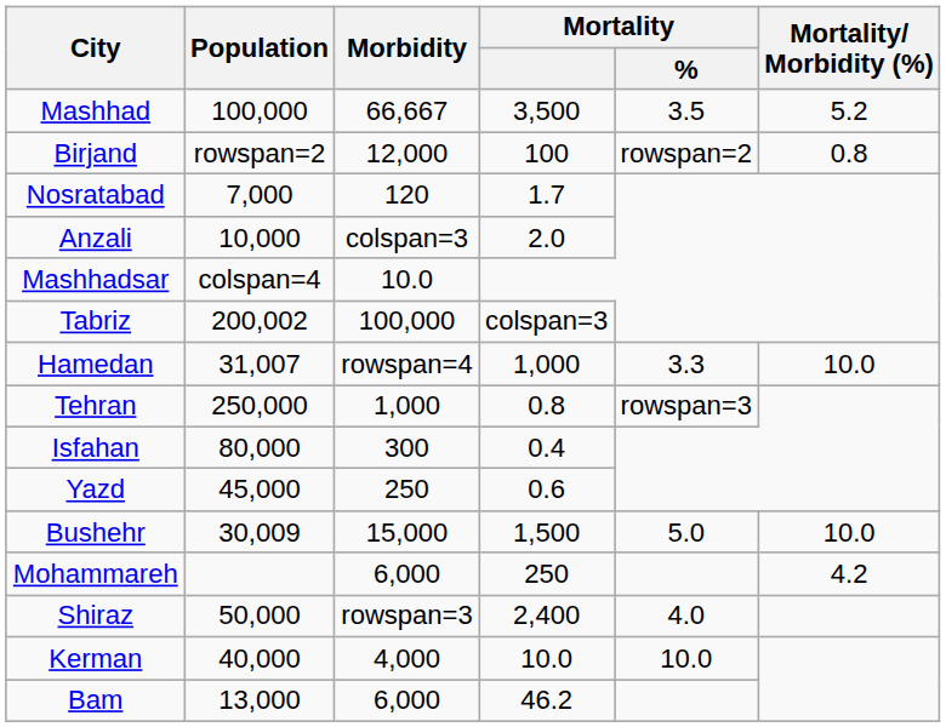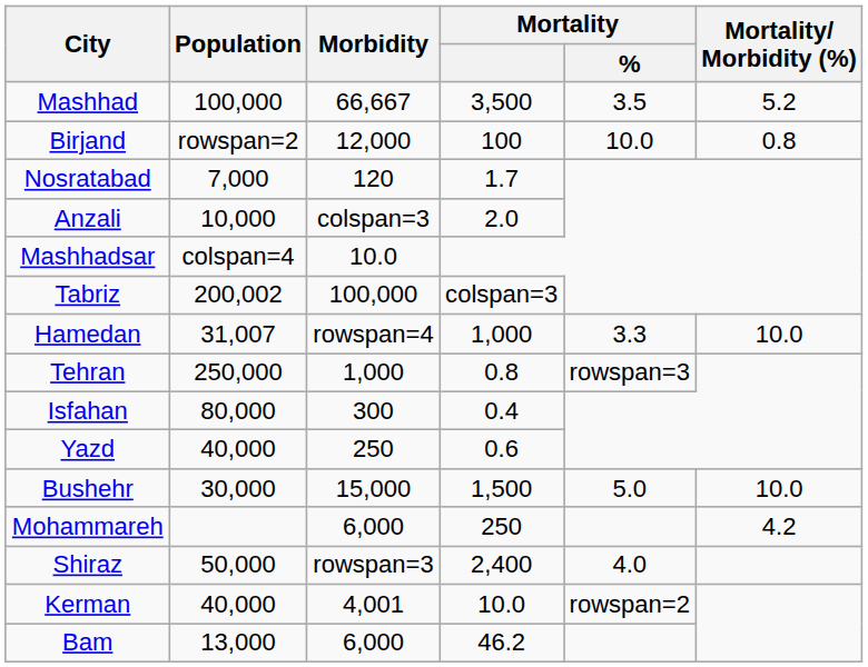 <table style="text-align:center; float:right; font-size:85%; margin-left:2em;" class="wikitable">
 <tr>
 <th rowspan=2>City</th>
 <th rowspan=2>Population<br></th>
 <th rowspan=2>Morbidity</th>
 <th colspan=2>Mortality</th>
 <th rowspan=2>Mortality/<br>Morbidity (%)</th>
 </tr>
 <tr>
 <th></th>
 <th>%</th>
 </tr>
 <tr>
 <td><a href='#'>Mashhad</a></td>
 <td>100,000</td>
 <td>66,667</td>
 <td>3,500</td>
 <td>3.5</td>
 <td>5.2</td>
 </tr>
 <tr>
 <td><a href='#'>Birjand</a></td>
 <td>rowspan=2 </td>
 <td>12,000</td>
 <td>100</td>
-<td>rowspan=2 </td>
+<td>10.0</td>
 <td>0.8</td>
 </tr>
 <tr>
 <td><a href='#'>Nosratabad</a></td>
 <td>7,000</td>
 <td>120</td>
 <td>1.7</td>
 </tr>
 <tr>
 <td><a href='#'>Anzali</a></td>
 <td>10,000</td>
 <td>colspan=3 </td>
 <td>2.0</td>
 </tr>
 <tr>
 <td><a href='#'>Mashhadsar</a></td>
 <td>colspan=4 </td>
 <td>10.0</td>
 </tr>
 <tr>
 <td><a href='#'>Tabriz</a></td>
 <td>200,002</td>
 <td>100,000</td>
 <td>colspan=3 </td>
 </tr>
 <tr>
 <td><a href='#'>Hamedan</a></td>
 <td>31,007</td>
 <td>rowspan=4 </td>
 <td>1,000</td>
 <td>3.3</td>
 <td>10.0</td>
 </tr>
 <tr>
 <td><a href='#'>Tehran</a></td>
 <td>250,000</td>
 <td>1,000</td>
 <td>0.8</td>
 <td>rowspan=3 </td>
 </tr>
 <tr>
 <td><a href='#'>Isfahan</a></td>
 <td>80,000</td>
 <td>300</td>
 <td>0.4</td>
 </tr>
 <tr>
 <td><a href='#'>Yazd</a></td>
-<td>45,000</td>
+<td>40,000</td>
 <td>250</td>
 <td>0.6</td>
 </tr>
 <tr>
 <td><a href='#'>Bushehr</a></td>
-<td>30,009</td>
+<td>30,000</td>
 <td>15,000</td>
 <td>1,500</td>
 <td>5.0</td>
 <td>10.0</td>
 </tr>
 <tr>
 <td><a href='#'>Mohammareh</a></td>
 <td></td>
 <td>6,000</td>
 <td>250</td>
 <td></td>
 <td>4.2</td>
 </tr>
 <tr>
 <td><a href='#'>Shiraz</a></td>
 <td>50,000</td>
 <td>rowspan=3 </td>
 <td>2,400</td>
 <td>4.0</td>
 <td></td>
 </tr>
 <tr>
 <td><a href='#'>Kerman</a></td>
 <td>40,000</td>
-<td>4,000</td>
+<td>4,001</td>
 <td>10.0</td>
-<td>10.0</td>
+<td>rowspan=2 </td>
 </tr>
 <tr>
 <td><a href='#'>Bam</a></td>
 <td>13,000</td>
 <td>6,000</td>
 <td>46.2</td>
 <td></td>
 </tr>
 </table>
